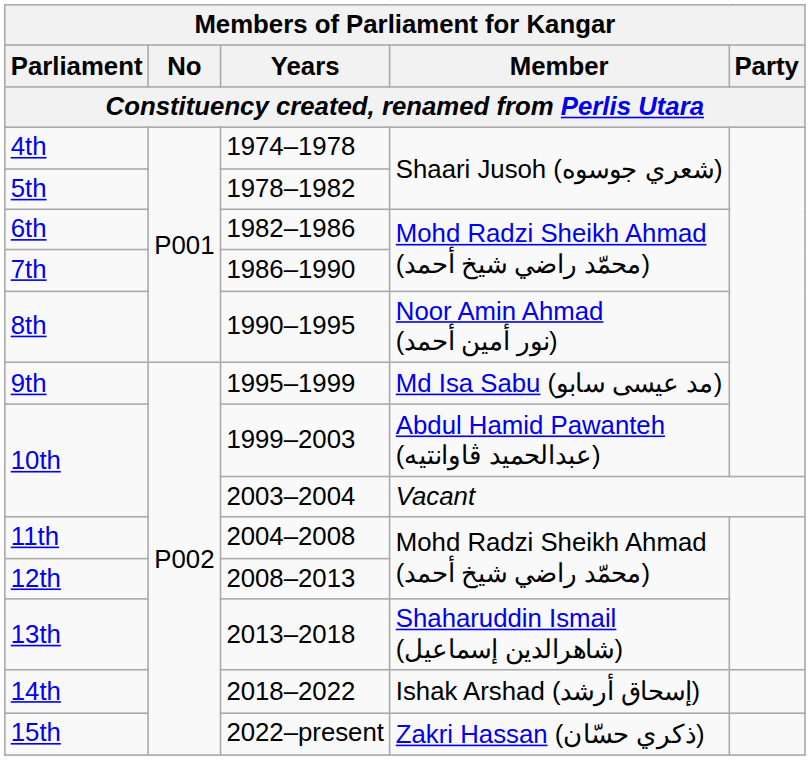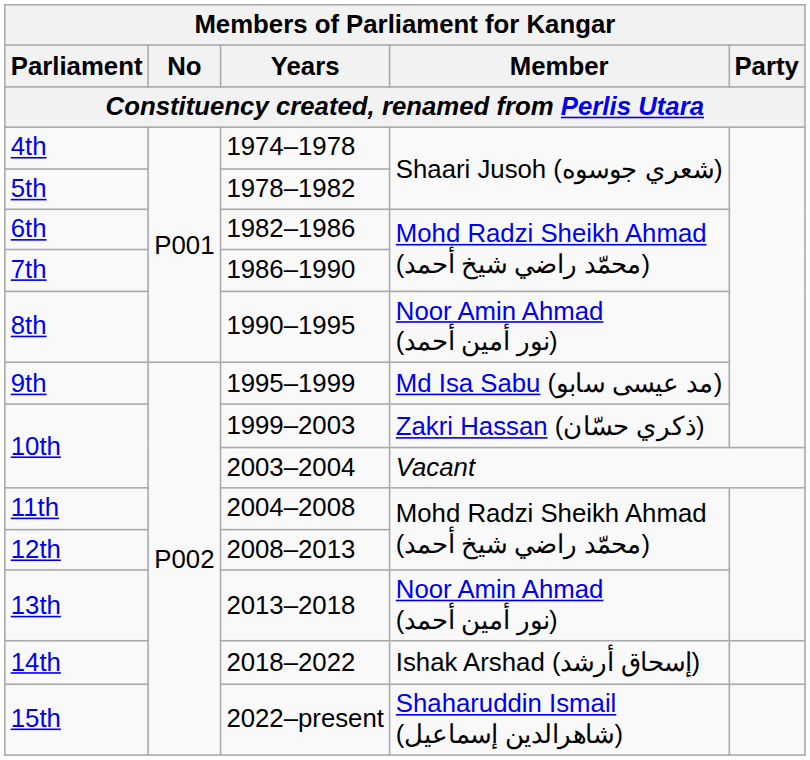 <table class=wikitable>
 <tr>
 <th colspan="5">Members of Parliament for Kangar</th>
 </tr>
 <tr>
 <th>Parliament</th>
 <th>No</th>
 <th>Years</th>
 <th>Member</th>
 <th>Party</th>
 </tr>
 <tr>
 <th colspan="5" align="center"><em>Constituency created, renamed from <a href='#'>Perlis Utara</a></em></th>
 </tr>
 <tr>
 <td><a href='#'>4th</a></td>
 <td rowspan="5">P001</td>
 <td>1974–1978</td>
 <td rowspan=2>Shaari Jusoh (شعري جوسوه)</td>
 <td rowspan="7"></td>
 </tr>
 <tr>
 <td><a href='#'>5th</a></td>
 <td>1978–1982</td>
 </tr>
 <tr>
 <td><a href='#'>6th</a></td>
 <td>1982–1986</td>
 <td rowspan=2><a href='#'>Mohd Radzi Sheikh Ahmad</a> <br> (محمّد راضي شيخ أحمد)</td>
 </tr>
 <tr>
 <td><a href='#'>7th</a></td>
 <td>1986–1990</td>
 </tr>
 <tr>
 <td><a href='#'>8th</a></td>
 <td>1990–1995</td>
 <td><a href='#'>Noor Amin Ahmad</a> <br> (نور أمين أحمد)</td>
 </tr>
 <tr>
 <td><a href='#'>9th</a></td>
 <td rowspan="8">P002</td>
 <td>1995–1999</td>
 <td><a href='#'>Md Isa Sabu</a> (مد عيسى سابو)</td>
 </tr>
 <tr>
 <td rowspan=2><a href='#'>10th</a></td>
 <td>1999–2003</td>
-<td><a href='#'>Abdul Hamid Pawanteh</a> <br> (عبدالحميد ڤاوانتيه)</td>
+<td><a href='#'>Zakri Hassan</a> (ذكري حسّان)</td>
 </tr>
 <tr>
 <td>2003–2004</td>
 <td colspan="2"><em>Vacant</em></td>
 </tr>
 <tr>
 <td><a href='#'>11th</a></td>
 <td>2004–2008</td>
 <td rowspan=2>Mohd Radzi Sheikh Ahmad <br> (محمّد راضي شيخ أحمد)</td>
 <td rowspan="3"></td>
 </tr>
 <tr>
 <td><a href='#'>12th</a></td>
 <td>2008–2013</td>
 </tr>
 <tr>
 <td><a href='#'>13th</a></td>
 <td>2013–2018</td>
-<td><a href='#'>Shaharuddin Ismail</a> <br> (شاهرالدين إسماعيل)</td>
+<td><a href='#'>Noor Amin Ahmad</a> <br> (نور أمين أحمد)</td>
 </tr>
 <tr>
 <td><a href='#'>14th</a></td>
 <td>2018–2022</td>
 <td>Ishak Arshad (إسحاق أرشد)</td>
 <td></td>
 </tr>
 <tr>
 <td><a href='#'>15th</a></td>
 <td>2022–present</td>
-<td><a href='#'>Zakri Hassan</a> (ذكري حسّان)</td>
+<td><a href='#'>Shaharuddin Ismail</a> <br> (شاهرالدين إسماعيل)</td>
 <td></td>
 </tr>
 </table>
